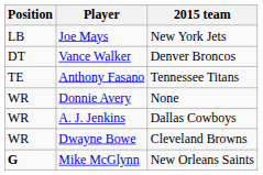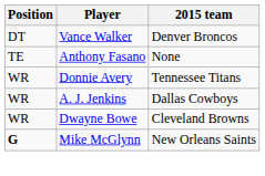 <table class="wikitable sortable">
 <tr>
 <th>Position</th>
 <th>Player</th>
 <th>2015 team</th>
-</tr>
-<tr>
-<td>LB</td>
-<td><a href='#'>Joe Mays</a></td>
-<td>New York Jets</td>
 </tr>
 <tr>
 <td>DT</td>
 <td><a href='#'>Vance Walker</a></td>
 <td>Denver Broncos</td>
 </tr>
 <tr>
 <td>TE</td>
 <td><a href='#'>Anthony Fasano</a></td>
-<td>Tennessee Titans</td>
+<td>None</td>
 </tr>
 <tr>
 <td>WR</td>
 <td><a href='#'>Donnie Avery</a></td>
-<td>None</td>
+<td>Tennessee Titans</td>
 </tr>
 <tr>
 <td>WR</td>
 <td><a href='#'>A. J. Jenkins</a></td>
 <td>Dallas Cowboys</td>
 </tr>
 <tr>
 <td>WR</td>
 <td><a href='#'>Dwayne Bowe</a></td>
 <td>Cleveland Browns</td>
 </tr>
 <tr>
 <td><strong>G</strong></td>
 <td><a href='#'>Mike McGlynn</a></td>
 <td>New Orleans Saints</td>
 </tr>
 </table>
